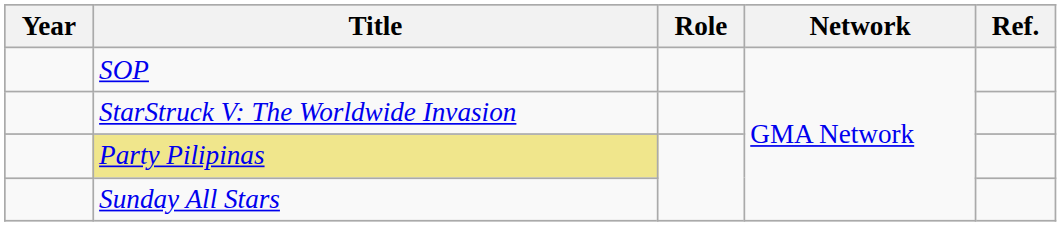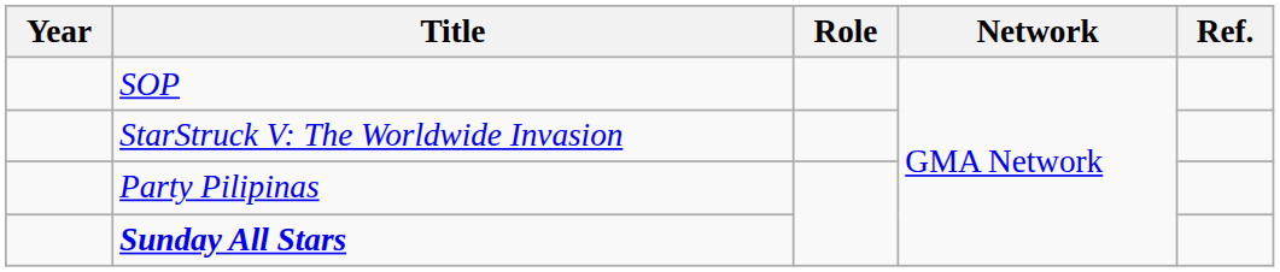 <table class="wikitable" style="width:70%">
 <tr>
 <th>Year</th>
 <th>Title</th>
 <th class="unsortable">Role</th>
 <th class="unsortable">Network</th>
 <th class="unsortable">Ref.</th>
 </tr>
 <tr>
 <td></td>
 <td><em><a href='#'>SOP</a></em></td>
 <td></td>
 <td rowspan="4"><a href='#'>GMA Network</a></td>
 <td></td>
 </tr>
 <tr>
 <td></td>
 <td><em><a href='#'>StarStruck V: The Worldwide Invasion</a></em></td>
 <td></td>
 <td></td>
 </tr>
 <tr>
 <td></td>
-<td style="background: khaki;"><em><a href='#'>Party Pilipinas</a></em></td>
+<td><em><a href='#'>Party Pilipinas</a></em></td>
 <td rowspan="2"></td>
 <td></td>
 </tr>
 <tr>
 <td></td>
-<td><em><a href='#'>Sunday All Stars</a></em></td>
+<td><strong><em><a href='#'>Sunday All Stars</a></em></strong></td>
 <td></td>
 </tr>
 </table>
